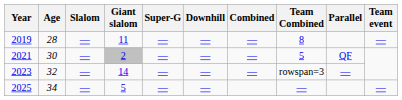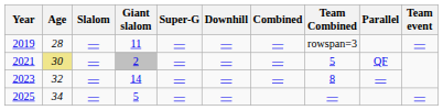 <table class="wikitable" style="text-align:center">
 <tr>
 <th>  Year  </th>
 <th> Age </th>
 <th> Slalom </th>
 <th> Giant <br> slalom </th>
 <th>Super-G</th>
 <th>Downhill</th>
 <th>Combined</th>
 <th>Team<br>Combined</th>
 <th>Parallel</th>
 <th>Team<br> event </th>
 </tr>
 <tr>
 <td><a href='#'>2019</a></td>
 <td><em>28</em></td>
 <td><a href='#'>—</a></td>
 <td><a href='#'>11</a></td>
 <td><a href='#'>—</a></td>
 <td><a href='#'>—</a></td>
 <td><a href='#'>—</a></td>
-<td><a href='#'>8</a></td>
+<td>rowspan=3</td>
 <td></td>
 <td><a href='#'>—</a></td>
 </tr>
 <tr>
 <td><a href='#'>2021</a></td>
-<td><em>30</em></td>
+<td style="background: khaki;"><em>30</em></td>
 <td><a href='#'>—</a></td>
 <td style="background:silver;"><a href='#'>2</a></td>
 <td><a href='#'>—</a></td>
 <td><a href='#'>—</a></td>
 <td><a href='#'>—</a></td>
 <td><a href='#'>5</a></td>
 <td><a href='#'>QF</a></td>
 </tr>
 <tr>
 <td><a href='#'>2023</a></td>
 <td><em>32</em></td>
 <td><a href='#'>—</a></td>
 <td><a href='#'>14</a></td>
 <td><a href='#'>—</a></td>
 <td><a href='#'>—</a></td>
 <td><a href='#'>—</a></td>
-<td>rowspan=3</td>
+<td><a href='#'>8</a></td>
 <td><a href='#'>—</a></td>
 </tr>
 <tr>
 <td><a href='#'>2025</a></td>
 <td><em>34</em></td>
 <td><a href='#'>—</a></td>
 <td><a href='#'>5</a></td>
 <td><a href='#'>—</a></td>
 <td><a href='#'>—</a></td>
 <td></td>
 <td><a href='#'>—</a></td>
 <td></td>
 <td><a href='#'>—</a></td>
 </tr>
 </table>
